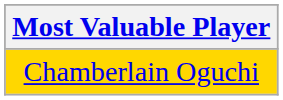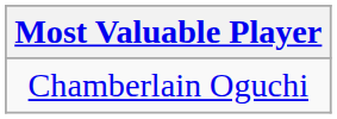 <table class=wikitable style="text-align:center; margin:auto">
 <tr>
 <th><a href='#'>Most Valuable Player</a></th>
 </tr>
 <tr>
-<td style="background: gold;"> <a href='#'>Chamberlain Oguchi</a></td>
+<td> <a href='#'>Chamberlain Oguchi</a></td>
 </tr>
 </table>
